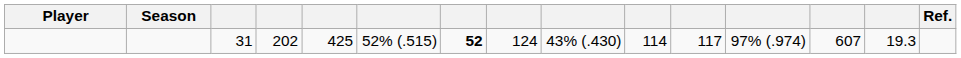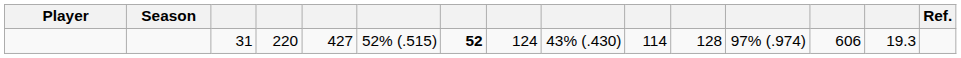 <table class="wikitable sortable" style="text-align:right;">
 <tr>
 <th width="120">Player</th>
 <th width="80">Season</th>
 <th width="40"></th>
 <th width="40"></th>
 <th width="50"></th>
 <th width="80"></th>
 <th width="40"></th>
 <th width="50"></th>
 <th width="80"></th>
 <th width="40"></th>
 <th width="50"></th>
 <th width="80"></th>
 <th width="50"></th>
 <th width="50"></th>
 <th class=unsortable>Ref.</th>
 </tr>
 <tr>
 <td style="text-align:center;"></td>
 <td style="text-align:center;"></td>
 <td>31</td>
-<td>202</td>
-<td>425</td>
+<td>220</td>
+<td>427</td>
 <td>52% (.515)</td>
 <td><strong>52</strong></td>
 <td>124</td>
 <td>43% (.430)</td>
 <td>114</td>
-<td>117</td>
+<td>128</td>
 <td>97% (.974)</td>
-<td>607</td>
+<td>606</td>
 <td>19.3</td>
 <td style="text-align:center;"></td>
 </tr>
 </table>
